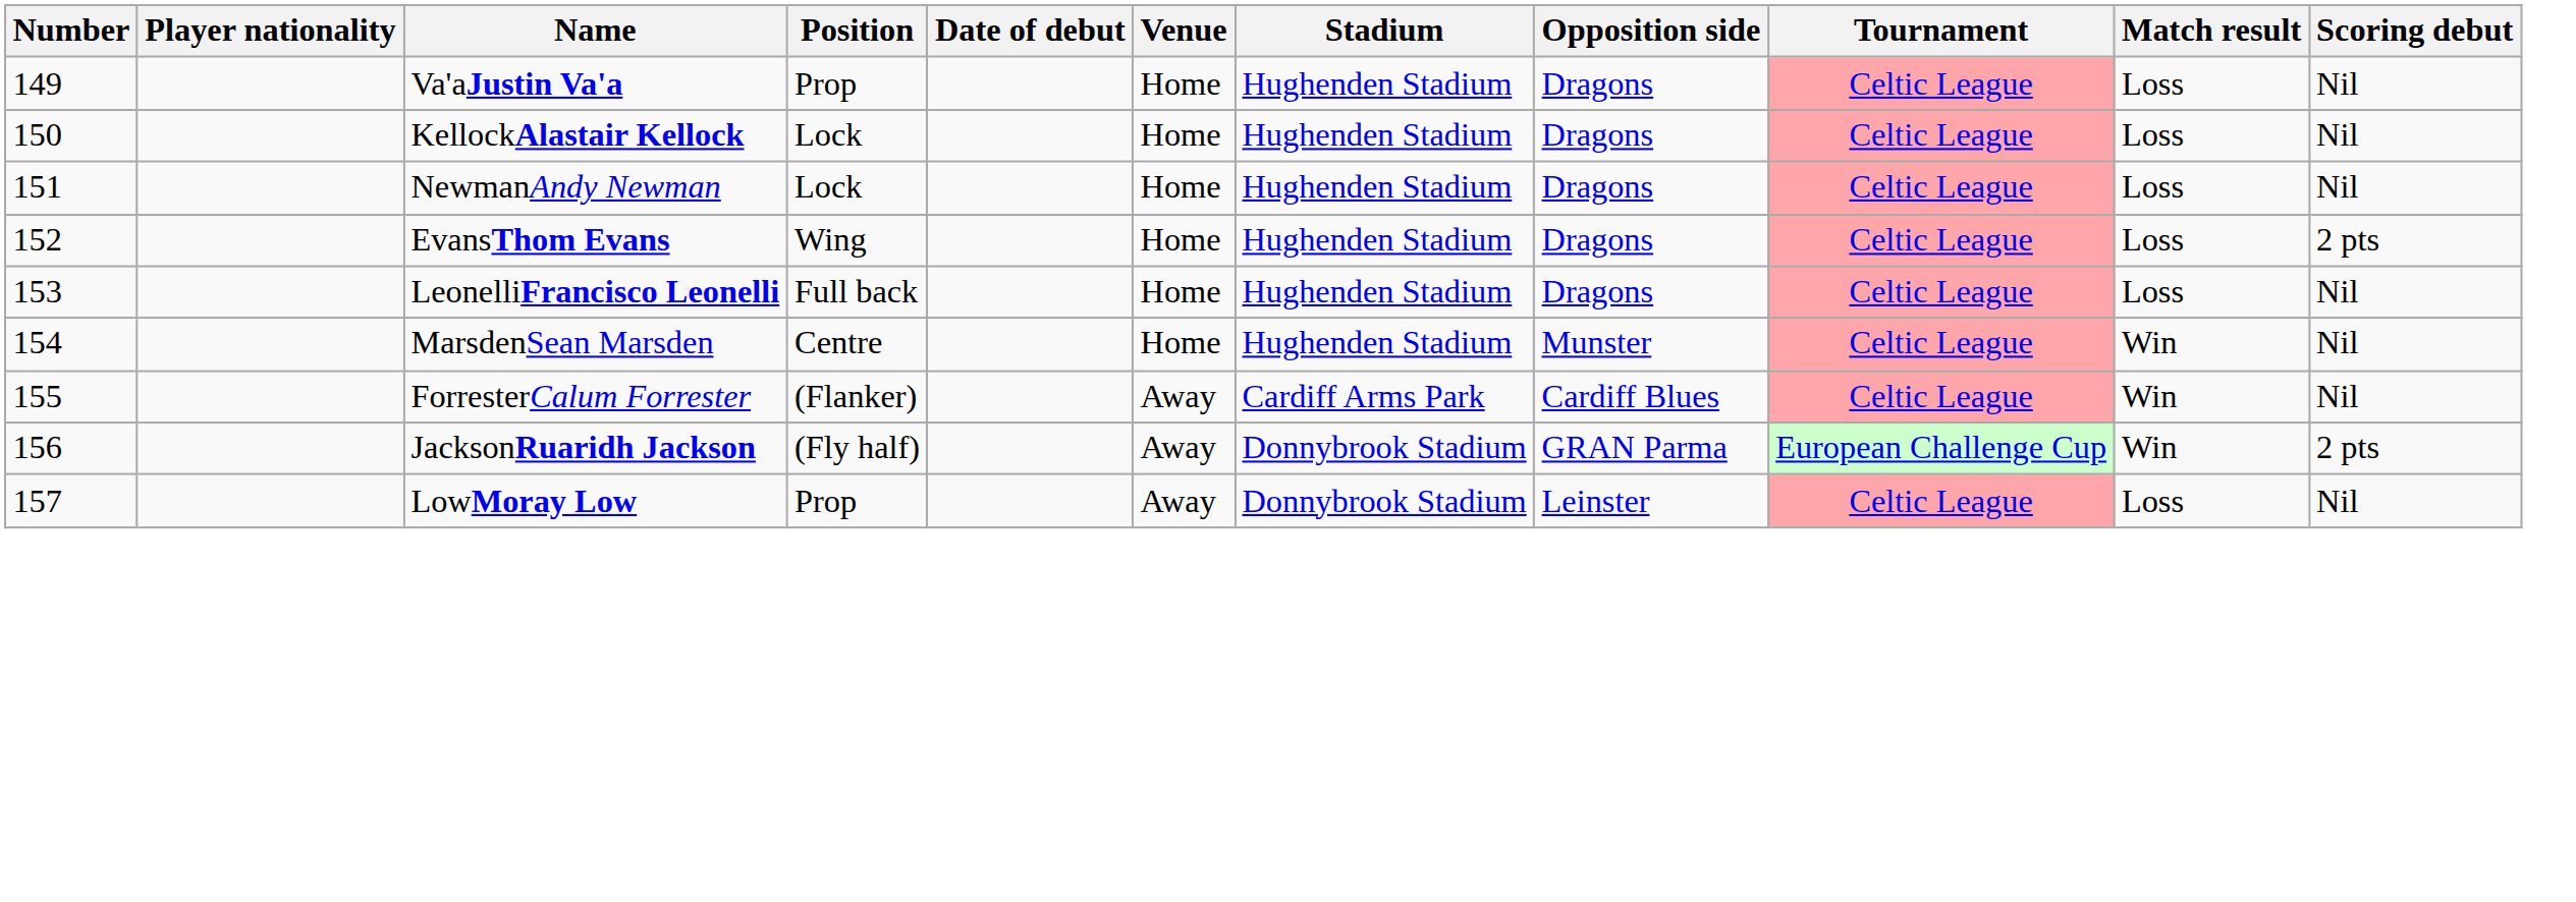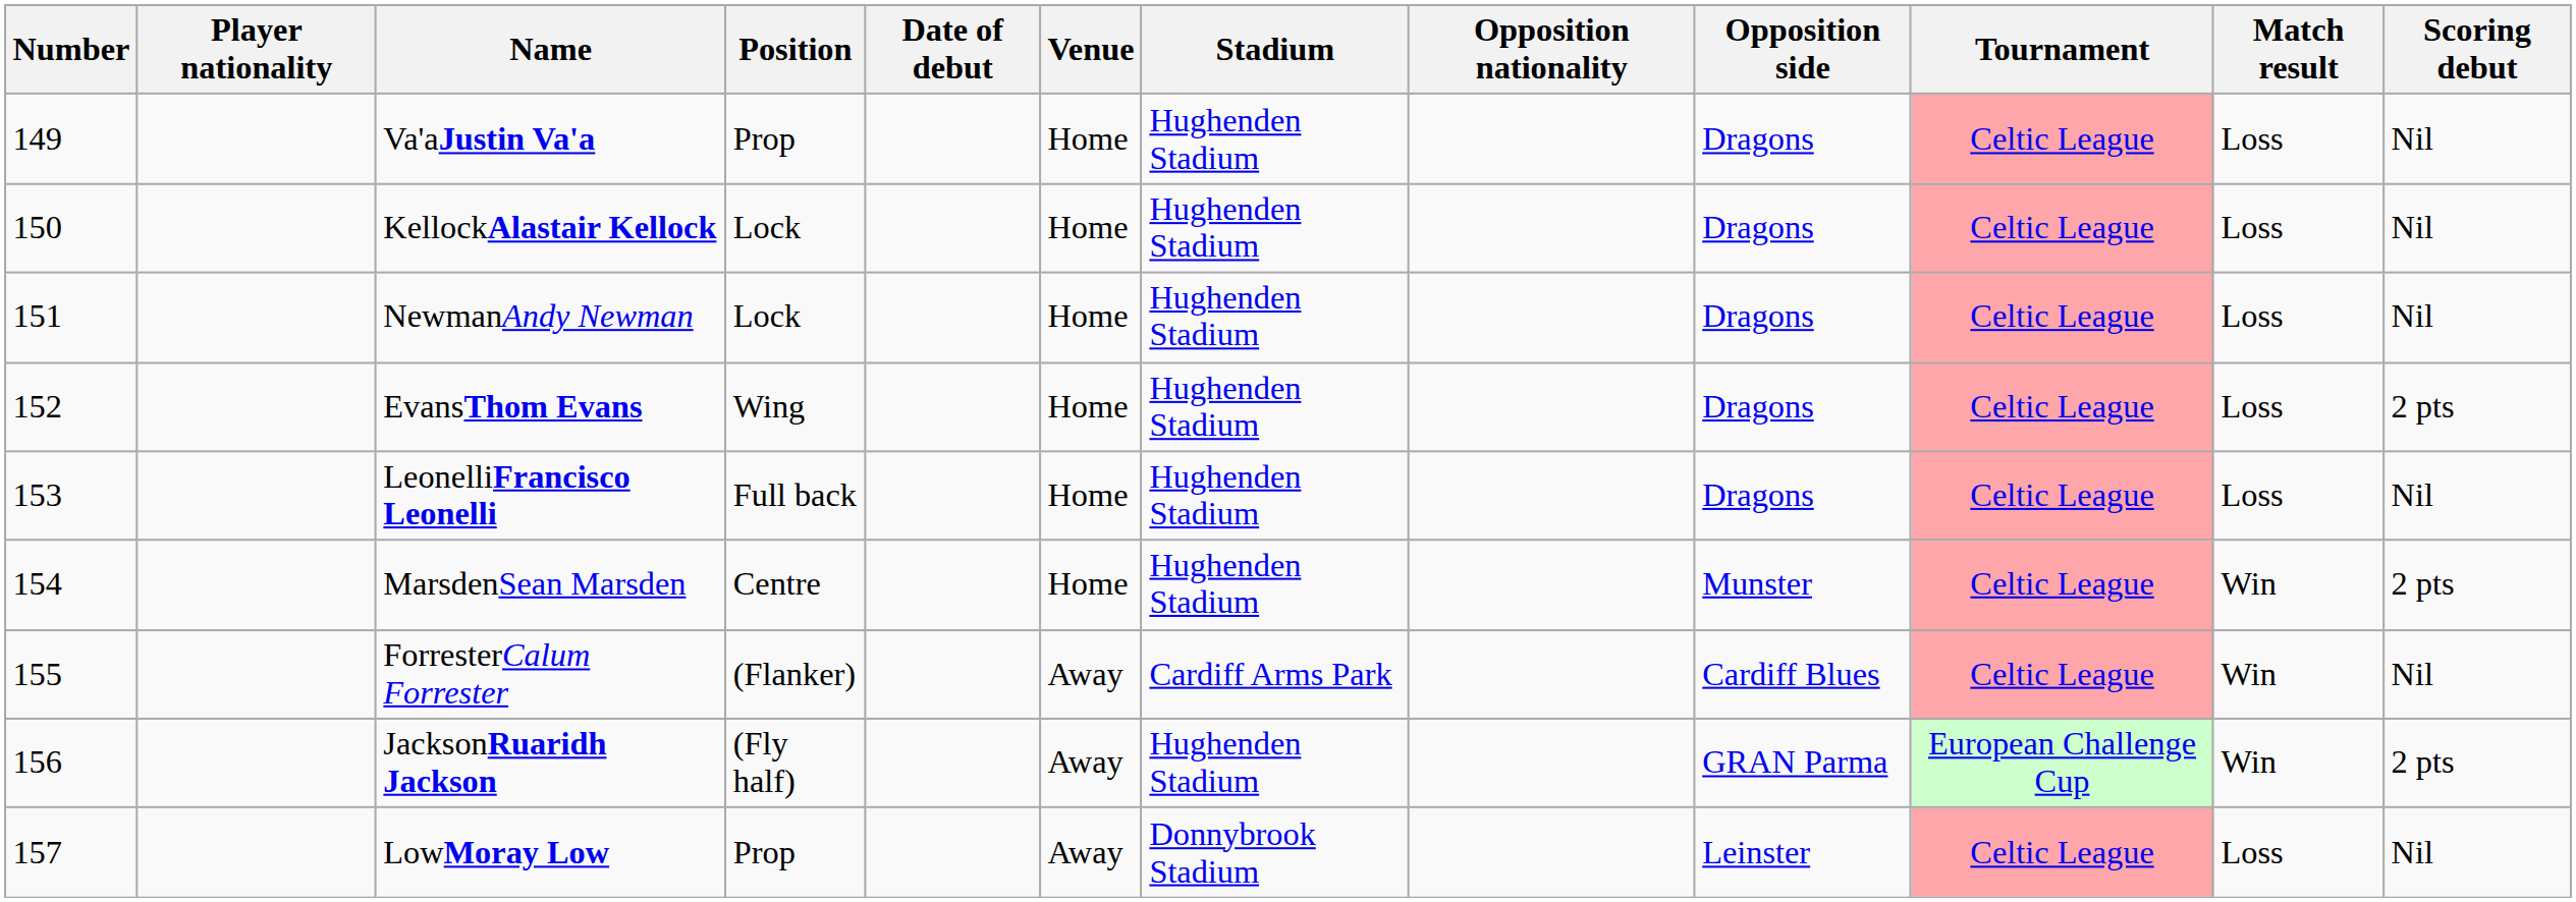 <table class="sortable wikitable">
 <tr>
 <th data-sort-type="number">Number</th>
 <th>Player nationality</th>
 <th>Name</th>
 <th>Position</th>
 <th>Date of debut</th>
 <th>Venue</th>
 <th>Stadium</th>
+<th>Opposition nationality</th>
 <th>Opposition side</th>
 <th>Tournament</th>
 <th>Match result</th>
 <th>Scoring debut</th>
 </tr>
 <tr>
 <td>149</td>
 <td style="text-align:center;"></td>
 <td><span>Va'a</span><strong><a href='#'>Justin Va'a</a></strong></td>
 <td>Prop</td>
 <td></td>
 <td>Home</td>
 <td><a href='#'>Hughenden Stadium</a></td>
+<td style="text-align:center;"></td>
 <td><a href='#'>Dragons</a></td>
 <td style="text-align:center; background:#FFA6AA;"><a href='#'>Celtic League</a></td>
 <td>Loss</td>
 <td>Nil</td>
 </tr>
 <tr>
 <td>150</td>
 <td style="text-align:center;"></td>
 <td><span>Kellock</span><strong><a href='#'>Alastair Kellock</a></strong></td>
 <td>Lock</td>
 <td></td>
 <td>Home</td>
 <td><a href='#'>Hughenden Stadium</a></td>
+<td style="text-align:center;"></td>
 <td><a href='#'>Dragons</a></td>
 <td style="text-align:center; background:#FFA6AA;"><a href='#'>Celtic League</a></td>
 <td>Loss</td>
 <td>Nil</td>
 </tr>
 <tr>
 <td>151</td>
 <td style="text-align:center;"></td>
 <td><span>Newman</span><em><a href='#'>Andy Newman</a></em></td>
 <td>Lock</td>
 <td></td>
 <td>Home</td>
 <td><a href='#'>Hughenden Stadium</a></td>
+<td style="text-align:center;"></td>
 <td><a href='#'>Dragons</a></td>
 <td style="text-align:center; background:#FFA6AA;"><a href='#'>Celtic League</a></td>
 <td>Loss</td>
 <td>Nil</td>
 </tr>
 <tr>
 <td>152</td>
 <td style="text-align:center;"></td>
 <td><span>Evans</span><strong><a href='#'>Thom Evans</a></strong></td>
 <td>Wing</td>
 <td></td>
 <td>Home</td>
 <td><a href='#'>Hughenden Stadium</a></td>
+<td style="text-align:center;"></td>
 <td><a href='#'>Dragons</a></td>
 <td style="text-align:center; background:#FFA6AA;"><a href='#'>Celtic League</a></td>
 <td>Loss</td>
 <td>2 pts</td>
 </tr>
 <tr>
 <td>153</td>
 <td style="text-align:center;"></td>
 <td><span>Leonelli</span><strong><a href='#'>Francisco Leonelli</a></strong></td>
 <td>Full back</td>
 <td></td>
 <td>Home</td>
 <td><a href='#'>Hughenden Stadium</a></td>
+<td style="text-align:center;"></td>
 <td><a href='#'>Dragons</a></td>
 <td style="text-align:center; background:#FFA6AA;"><a href='#'>Celtic League</a></td>
 <td>Loss</td>
 <td>Nil</td>
 </tr>
 <tr>
 <td>154</td>
 <td style="text-align:center;"></td>
 <td><span>Marsden</span><a href='#'>Sean Marsden</a></td>
 <td>Centre</td>
 <td></td>
 <td>Home</td>
 <td><a href='#'>Hughenden Stadium</a></td>
+<td style="text-align:center;"></td>
 <td><a href='#'>Munster</a></td>
 <td style="text-align:center; background:#FFA6AA;"><a href='#'>Celtic League</a></td>
 <td>Win</td>
-<td>Nil</td>
+<td>2 pts</td>
 </tr>
 <tr>
 <td>155</td>
 <td style="text-align:center;"></td>
 <td><span>Forrester</span><em><a href='#'>Calum Forrester</a></em></td>
 <td>(Flanker)</td>
 <td></td>
 <td>Away</td>
 <td><a href='#'>Cardiff Arms Park</a></td>
+<td style="text-align:center;"></td>
 <td><a href='#'>Cardiff Blues</a></td>
 <td style="text-align:center; background:#FFA6AA;"><a href='#'>Celtic League</a></td>
 <td>Win</td>
 <td>Nil</td>
 </tr>
 <tr>
 <td>156</td>
 <td style="text-align:center;"></td>
 <td><span>Jackson</span><strong><a href='#'>Ruaridh Jackson</a></strong></td>
 <td>(Fly half)</td>
 <td></td>
 <td>Away</td>
-<td><a href='#'>Donnybrook Stadium</a></td>
+<td><a href='#'>Hughenden Stadium</a></td>
+<td style="text-align:center;"></td>
 <td><a href='#'>GRAN Parma</a></td>
 <td style="text-align:center; background:#ccffcc;"><a href='#'>European Challenge Cup</a></td>
 <td>Win</td>
 <td>2 pts</td>
 </tr>
 <tr>
 <td>157</td>
 <td style="text-align:center;"></td>
 <td><span>Low</span><strong><a href='#'>Moray Low</a></strong></td>
 <td>Prop</td>
 <td></td>
 <td>Away</td>
 <td><a href='#'>Donnybrook Stadium</a></td>
+<td style="text-align:center;"></td>
 <td><a href='#'>Leinster</a></td>
 <td style="text-align:center; background:#FFA6AA;"><a href='#'>Celtic League</a></td>
 <td>Loss</td>
 <td>Nil</td>
 </tr>
 </table>
